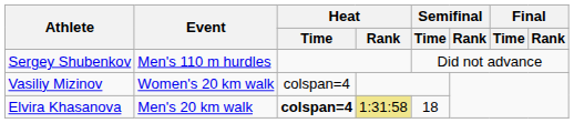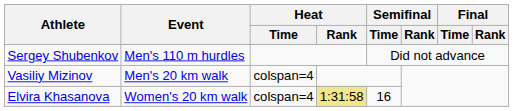 <table class=wikitable style="text-align:center; font-size:90%">
 <tr>
 <th rowspan=2>Athlete</th>
 <th rowspan=2>Event</th>
 <th colspan=2>Heat</th>
 <th colspan=2>Semifinal</th>
 <th colspan=2>Final</th>
 </tr>
 <tr style=font-size:95%>
 <th>Time</th>
 <th>Rank</th>
 <th>Time</th>
 <th>Rank</th>
 <th>Time</th>
 <th>Rank</th>
 </tr>
 <tr>
 <td align=left><a href='#'>Sergey Shubenkov</a></td>
 <td align=left><a href='#'>Men's 110 m hurdles</a></td>
 <td colspan=2></td>
 <td colspan=4>Did not advance</td>
 </tr>
 <tr>
 <td align=left><a href='#'>Vasiliy Mizinov</a></td>
-<td align=left><a href='#'>Women's 20 km walk</a></td>
+<td align=left><a href='#'>Men's 20 km walk</a></td>
 <td>colspan=4 </td>
 <td colspan=2></td>
 </tr>
 <tr>
 <td align=left><a href='#'>Elvira Khasanova</a></td>
-<td align=left><a href='#'>Men's 20 km walk</a></td>
-<td><strong>colspan=4 </strong></td>
+<td align=left><a href='#'>Women's 20 km walk</a></td>
+<td>colspan=4 </td>
 <td style="background: khaki;">1:31:58</td>
-<td>18</td>
+<td>16</td>
 </tr>
 </table>
